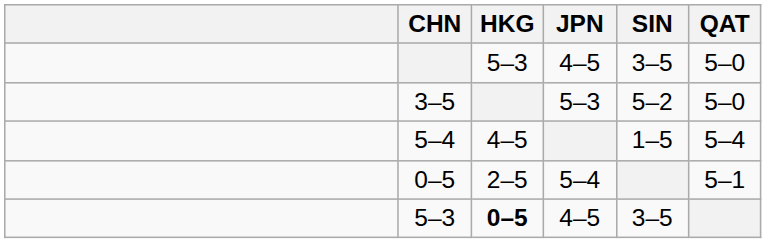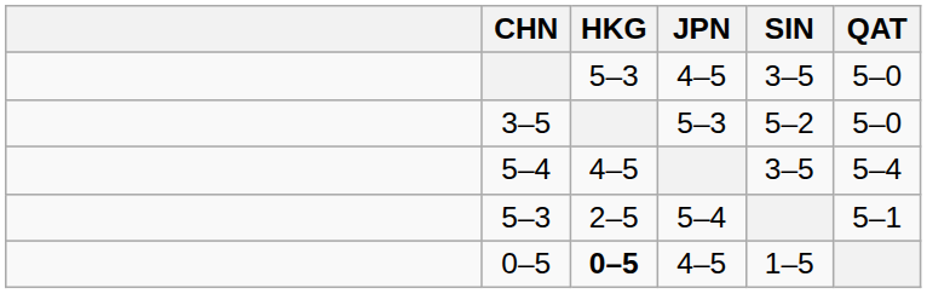 <table class="wikitable" style="text-align:center">
 <tr>
 <th width="250"> </th>
 <th width="40">CHN</th>
 <th width="40">HKG</th>
 <th width="40">JPN</th>
 <th width="40">SIN</th>
 <th width="40">QAT</th>
 </tr>
 <tr>
 <td align=left></td>
 <th></th>
 <td>5–3</td>
 <td>4–5</td>
 <td>3–5</td>
 <td>5–0</td>
 </tr>
 <tr>
 <td align=left></td>
 <td>3–5</td>
 <th></th>
 <td>5–3</td>
 <td>5–2</td>
 <td>5–0</td>
 </tr>
 <tr>
 <td align=left></td>
 <td>5–4</td>
 <td>4–5</td>
 <th></th>
-<td>1–5</td>
+<td>3–5</td>
 <td>5–4</td>
 </tr>
 <tr>
 <td align=left></td>
-<td>0–5</td>
+<td>5–3</td>
 <td>2–5</td>
 <td>5–4</td>
 <th></th>
 <td>5–1</td>
 </tr>
 <tr>
 <td align=left></td>
-<td>5–3</td>
+<td>0–5</td>
 <td><strong>0–5</strong></td>
 <td>4–5</td>
-<td>3–5</td>
+<td>1–5</td>
 <th></th>
 </tr>
 </table>
